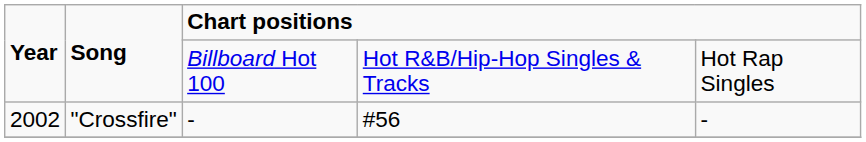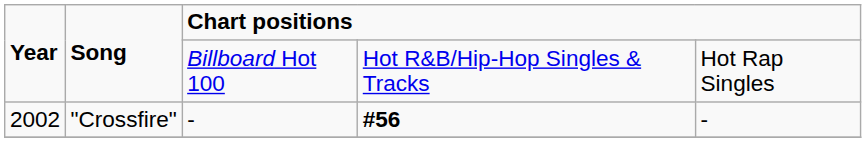 <table class="wikitable">
 <tr>
 <td rowspan="2"><strong>Year</strong></td>
 <td rowspan="2"><strong>Song</strong></td>
 <td colspan="3"><strong>Chart positions</strong></td>
 </tr>
 <tr>
 <td><a href='#'><em>Billboard</em> Hot 100</a></td>
 <td><a href='#'>Hot R&B/Hip-Hop Singles & Tracks</a></td>
 <td>Hot Rap Singles</td>
 </tr>
 <tr>
 <td>2002</td>
 <td>"Crossfire"</td>
 <td>-</td>
-<td>#56</td>
+<td><strong>#56</strong></td>
 <td>-</td>
 </tr>
 <tr>
 </tr>
 </table>
